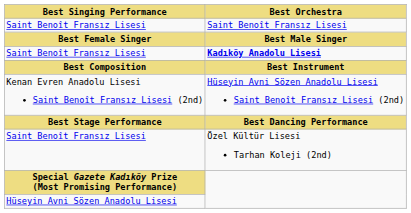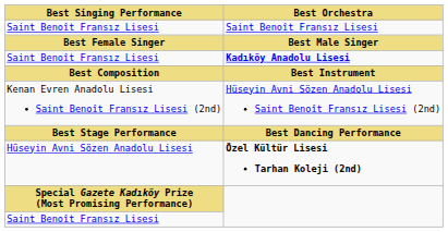 <table class=wikitable>
 <tr>
 <th style="background:#EEDD82; width:50%">Best Singing Performance</th>
 <th style="background:#EEDD82; width:50%">Best Orchestra</th>
 </tr>
 <tr>
 <td valign="top"><a href='#'>Saint Benoît Fransız Lisesi</a></td>
 <td valign="top"><a href='#'>Saint Benoît Fransız Lisesi</a></td>
 </tr>
 <tr>
 <th style="background:#EEDD82; width:50%">Best Female Singer</th>
 <th style="background:#EEDD82; width:50%">Best Male Singer</th>
 </tr>
 <tr>
 <td valign="top"><a href='#'>Saint Benoît Fransız Lisesi</a></td>
 <td valign="top"><strong><a href='#'>Kadıköy Anadolu Lisesi</a></strong></td>
 </tr>
 <tr>
 <th style="background:#EEDD82; width:50%">Best Composition</th>
 <th style="background:#EEDD82; width:50%">Best Instrument</th>
 </tr>
 <tr>
 <td valign="top">Kenan Evren Anadolu Lisesi<br><ul><li><a href='#'>Saint Benoît Fransız Lisesi</a> (2nd)</li></ul></td>
 <td valign="top"><a href='#'>Hüseyin Avni Sözen Anadolu Lisesi</a><br><ul><li><a href='#'>Saint Benoît Fransız Lisesi</a> (2nd)</li></ul></td>
 </tr>
 <tr>
 <th style="background:#EEDD82; width:50%">Best Stage Performance</th>
 <th style="background:#EEDD82; width:50%">Best Dancing Performance</th>
 </tr>
 <tr>
-<td valign="top"><a href='#'>Saint Benoît Fransız Lisesi</a></td>
-<td valign="top">Özel Kültür Lisesi<br><ul><li>Tarhan Koleji (2nd)</li></ul></td>
+<td valign="top"><a href='#'>Hüseyin Avni Sözen Anadolu Lisesi</a></td>
+<td valign="top"><strong>Özel Kültür Lisesi<br><ul><li>Tarhan Koleji (2nd)</li></ul></strong></td>
 </tr>
 <tr>
 <th style="background:#EEDD82; width:50%">Special <em>Gazete Kadıköy</em> Prize<br>(Most Promising Performance)</th>
 </tr>
 <tr>
-<td valign="top"><a href='#'>Hüseyin Avni Sözen Anadolu Lisesi</a></td>
+<td valign="top"><a href='#'>Saint Benoît Fransız Lisesi</a></td>
 </tr>
 </table>
